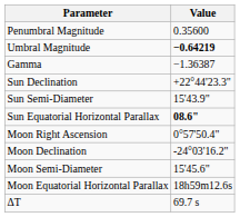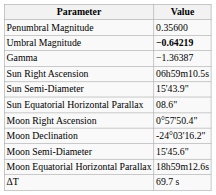 <table class="wikitable">
 <tr>
 <th>Parameter</th>
 <th>Value</th>
 </tr>
 <tr>
 <td>Penumbral Magnitude</td>
 <td>0.35600</td>
 </tr>
 <tr>
 <td>Umbral Magnitude</td>
 <td><strong>−0.64219</strong></td>
 </tr>
 <tr>
 <td>Gamma</td>
 <td>−1.36387</td>
 </tr>
 <tr>
-<td>Sun Declination</td>
-<td>+22°44'23.3"</td>
+<td>Sun Right Ascension</td>
+<td>06h59m10.5s</td>
 </tr>
 <tr>
 <td>Sun Semi-Diameter</td>
 <td>15'43.9"</td>
 </tr>
 <tr>
 <td>Sun Equatorial Horizontal Parallax</td>
-<td><strong>08.6"</strong></td>
+<td>08.6"</td>
 </tr>
 <tr>
 <td>Moon Right Ascension</td>
 <td>0°57'50.4"</td>
 </tr>
 <tr>
 <td>Moon Declination</td>
 <td>-24°03'16.2"</td>
 </tr>
 <tr>
 <td>Moon Semi-Diameter</td>
 <td>15'45.6"</td>
 </tr>
 <tr>
 <td>Moon Equatorial Horizontal Parallax</td>
 <td>18h59m12.6s</td>
 </tr>
 <tr>
 <td>ΔT</td>
 <td>69.7 s</td>
 </tr>
 </table>
